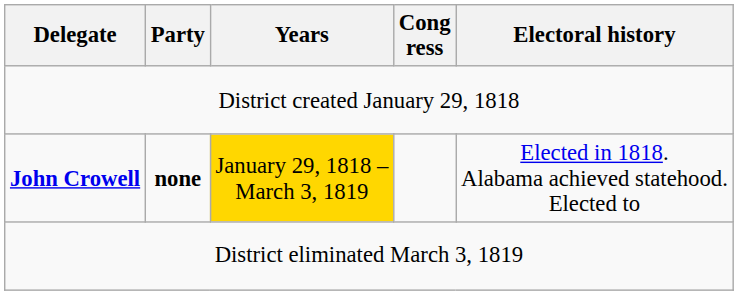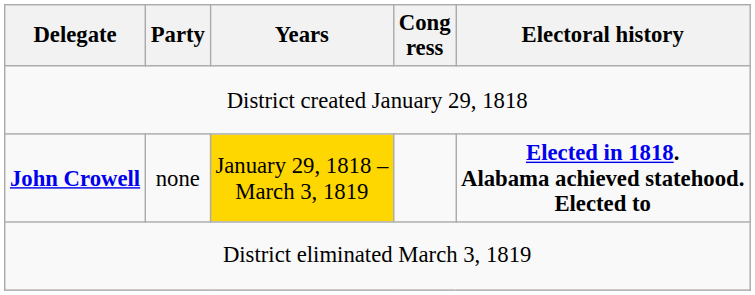 <table class=wikitable style="text-align:center">
 <tr>
 <th>Delegate</th>
 <th>Party</th>
 <th>Years</th>
 <th>Cong<br>ress</th>
 <th>Electoral history</th>
 </tr>
 <tr style="height:3em">
 <td colspan=6>District created January 29, 1818</td>
 </tr>
 <tr style="height:3em">
 <td><strong><a href='#'>John Crowell</a></strong><br></td>
-<td><strong>none</strong></td>
+<td>none</td>
 <td nowrap style="background: gold;">January 29, 1818 –<br>March 3, 1819</td>
 <td></td>
-<td><a href='#'>Elected in 1818</a>.<br>Alabama achieved statehood.<br>Elected to </td>
+<td><strong><a href='#'>Elected in 1818</a>.<br>Alabama achieved statehood.<br>Elected to </strong></td>
 </tr>
 <tr style="height:3em">
 <td colspan=6>District eliminated March 3, 1819</td>
 </tr>
 </table>
